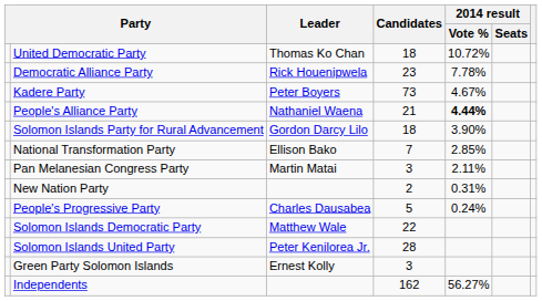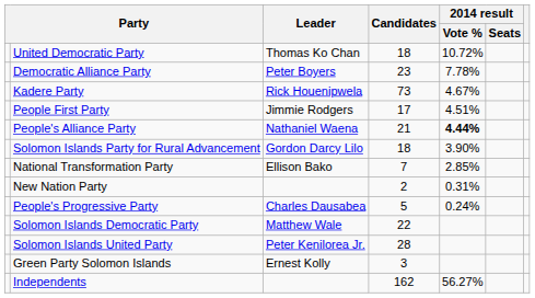 <table class="wikitable sortable" style=text-align:center>
 <tr>
 <th rowspan="2" colspan="2">Party</th>
 <th rowspan="2">Leader</th>
 <th rowspan="2">Candidates</th>
 <th colspan="2">2014 result</th>
 <th rowspan="2" class="unsortable"></th>
 </tr>
 <tr>
 <th>Vote %</th>
 <th>Seats</th>
 </tr>
 <tr>
 <td style="background:"></td>
 <td align=left><a href='#'>United Democratic Party</a></td>
 <td align=left>Thomas Ko Chan</td>
 <td>18</td>
 <td>10.72%</td>
 <td></td>
 <td></td>
 </tr>
 <tr>
 <td style="background:"></td>
 <td align=left><a href='#'>Democratic Alliance Party</a></td>
-<td align=left><a href='#'>Rick Houenipwela</a></td>
+<td align=left><a href='#'>Peter Boyers</a></td>
 <td>23</td>
 <td>7.78%</td>
 <td></td>
 <td></td>
 </tr>
 <tr>
 <td style="background:"></td>
 <td align=left><a href='#'>Kadere Party</a></td>
-<td align=left><a href='#'>Peter Boyers</a></td>
+<td align=left><a href='#'>Rick Houenipwela</a></td>
 <td>73</td>
 <td>4.67%</td>
+<td></td>
+<td></td>
+</tr>
+<tr>
+<td style="background:"></td>
+<td align=left><a href='#'>People First Party</a></td>
+<td align=left>Jimmie Rodgers</td>
+<td>17</td>
+<td>4.51%</td>
 <td></td>
 <td></td>
 </tr>
 <tr>
 <td style="background:"></td>
 <td align=left><a href='#'>People's Alliance Party</a></td>
 <td align=left><a href='#'>Nathaniel Waena</a></td>
 <td>21</td>
 <td><strong>4.44%</strong></td>
 <td></td>
 <td></td>
 </tr>
 <tr>
 <td style="background:"></td>
 <td align=left><a href='#'>Solomon Islands Party for Rural Advancement</a></td>
 <td align=left><a href='#'>Gordon Darcy Lilo</a></td>
 <td>18</td>
 <td>3.90%</td>
 <td></td>
 <td></td>
 </tr>
 <tr>
 <td style="background:"></td>
 <td align=left>National Transformation Party</td>
 <td align=left>Ellison Bako</td>
 <td>7</td>
 <td>2.85%</td>
-<td></td>
-<td></td>
-</tr>
-<tr>
-<td style="background:"></td>
-<td align=left>Pan Melanesian Congress Party</td>
-<td align=left>Martin Matai</td>
-<td>3</td>
-<td>2.11%</td>
 <td></td>
 <td></td>
 </tr>
 <tr>
 <td style="background:"></td>
 <td align=left>New Nation Party</td>
 <td></td>
 <td>2</td>
 <td>0.31%</td>
 <td></td>
 <td></td>
 </tr>
 <tr>
 <td style="background:"></td>
 <td align=left><a href='#'>People's Progressive Party</a></td>
 <td align=left><a href='#'>Charles Dausabea</a></td>
 <td>5</td>
 <td>0.24%</td>
 <td></td>
 <td></td>
 </tr>
 <tr>
 <td style="background:"></td>
 <td align=left><a href='#'>Solomon Islands Democratic Party</a></td>
 <td align=left><a href='#'>Matthew Wale</a></td>
 <td>22</td>
 <td></td>
 <td></td>
 <td></td>
 </tr>
 <tr>
 <td style="background:"></td>
 <td align=left><a href='#'>Solomon Islands United Party</a></td>
 <td align=left><a href='#'>Peter Kenilorea Jr.</a></td>
 <td>28</td>
 <td></td>
 <td></td>
 <td></td>
 </tr>
 <tr>
 <td style="background:"></td>
 <td align=left>Green Party Solomon Islands</td>
 <td align=left>Ernest Kolly</td>
 <td>3</td>
 <td></td>
 <td></td>
 <td></td>
 </tr>
 <tr>
 <td style="background:"></td>
 <td align=left><a href='#'>Independents</a></td>
 <td></td>
 <td>162</td>
 <td>56.27%</td>
 <td></td>
 <td></td>
 </tr>
 </table>
